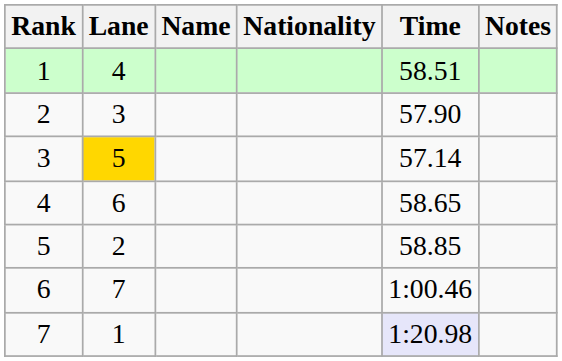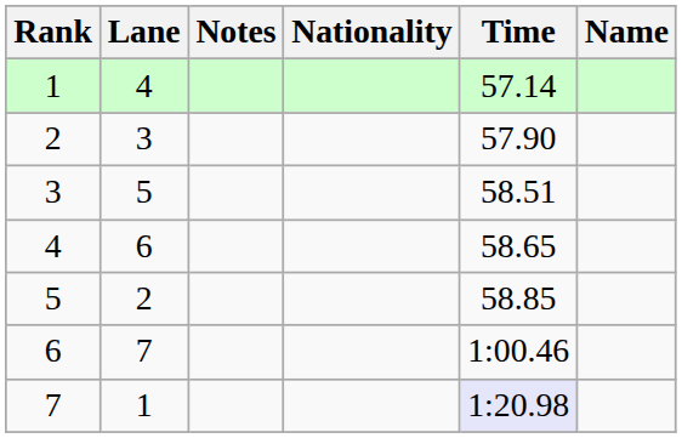 <table class="wikitable sortable" style="text-align:center">
 <tr>
 <th>Rank</th>
 <th>Lane</th>
-<th>Name</th>
+<th>Notes</th>
 <th>Nationality</th>
 <th>Time</th>
-<th>Notes</th>
+<th>Name</th>
 </tr>
 <tr bgcolor=ccffcc>
 <td>1</td>
 <td>4</td>
+<td><strong></strong></td>
 <td align=left></td>
+<td>57.14</td>
 <td align=left></td>
-<td>58.51</td>
-<td><strong></strong></td>
 </tr>
 <tr>
 <td>2</td>
 <td>3</td>
-<td align=left></td>
+<td></td>
 <td align=left></td>
 <td>57.90</td>
-<td></td>
+<td align=left></td>
 </tr>
 <tr>
 <td>3</td>
-<td style="background: gold;">5</td>
+<td>5</td>
+<td></td>
 <td align=left></td>
+<td>58.51</td>
 <td align=left></td>
-<td>57.14</td>
-<td></td>
 </tr>
 <tr>
 <td>4</td>
 <td>6</td>
-<td align=left></td>
+<td></td>
 <td align=left></td>
 <td>58.65</td>
-<td></td>
+<td align=left></td>
 </tr>
 <tr>
 <td>5</td>
 <td>2</td>
-<td align=left></td>
+<td></td>
 <td align=left></td>
 <td>58.85</td>
-<td></td>
+<td align=left></td>
 </tr>
 <tr>
 <td>6</td>
 <td>7</td>
-<td align=left></td>
+<td></td>
 <td align=left></td>
 <td>1:00.46</td>
-<td></td>
+<td align=left></td>
 </tr>
 <tr>
 <td>7</td>
 <td>1</td>
-<td align=left></td>
+<td></td>
 <td align=left></td>
 <td style="background: lavender;">1:20.98</td>
-<td></td>
+<td align=left></td>
 </tr>
 </table>
